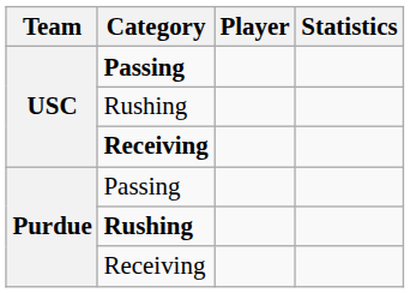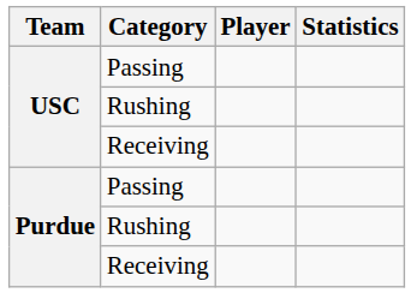 <table class="wikitable" style="float:right">
 <tr>
 <th>Team</th>
 <th>Category</th>
 <th>Player</th>
 <th>Statistics</th>
 </tr>
 <tr>
 <th rowspan=3>USC</th>
-<td><strong>Passing</strong></td>
+<td>Passing</td>
 <td></td>
 <td></td>
 </tr>
 <tr>
 <td>Rushing</td>
 <td></td>
 <td></td>
 </tr>
 <tr>
-<td><strong>Receiving</strong></td>
+<td>Receiving</td>
 <td></td>
 <td></td>
 </tr>
 <tr>
 <th rowspan=3>Purdue</th>
 <td>Passing</td>
 <td></td>
 <td></td>
 </tr>
 <tr>
-<td><strong>Rushing</strong></td>
+<td>Rushing</td>
 <td></td>
 <td></td>
 </tr>
 <tr>
 <td>Receiving</td>
 <td></td>
 <td></td>
 </tr>
 </table>
